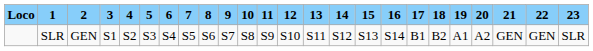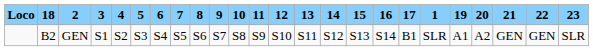 <table class="wikitable plainrowheaders unsortable" style="text-align:center">
 <tr>
 <th rowspan="1" scope="col" style="background:lightskyblue;">Loco</th>
-<th rowspan="1" scope="col" style="background:lightskyblue;">1</th>
+<th rowspan="1" scope="col" style="background:lightskyblue;">18</th>
 <th rowspan="1" scope="col" style="background:lightskyblue;">2</th>
 <th rowspan="1" scope="col" style="background:lightskyblue;">3</th>
 <th rowspan="1" scope="col" style="background:lightskyblue;">4</th>
 <th rowspan="1" scope="col" style="background:lightskyblue;">5</th>
 <th rowspan="1" scope="col" style="background:lightskyblue;">6</th>
 <th rowspan="1" scope="col" style="background:lightskyblue;">7</th>
 <th rowspan="1" scope="col" style="background:lightskyblue;">8</th>
 <th rowspan="1" scope="col" style="background:lightskyblue;">9</th>
 <th rowspan="1" scope="col" style="background:lightskyblue;">10</th>
 <th rowspan="1" scope="col" style="background:lightskyblue;">11</th>
 <th rowspan="1" scope="col" style="background:lightskyblue;">12</th>
 <th rowspan="1" scope="col" style="background:lightskyblue;">13</th>
 <th rowspan="1" scope="col" style="background:lightskyblue;">14</th>
 <th rowspan="1" scope="col" style="background:lightskyblue;">15</th>
 <th rowspan="1" scope="col" style="background:lightskyblue;">16</th>
 <th rowspan="1" scope="col" style="background:lightskyblue;">17</th>
-<th rowspan="1" scope="col" style="background:lightskyblue;">18</th>
+<th rowspan="1" scope="col" style="background:lightskyblue;">1</th>
 <th rowspan="1" scope="col" style="background:lightskyblue;">19</th>
 <th rowspan="1" scope="col" style="background:lightskyblue;">20</th>
 <th rowspan="1" scope="col" style="background:lightskyblue;">21</th>
 <th rowspan="1" scope="col" style="background:lightskyblue;">22</th>
 <th rowspan="1" scope="col" style="background:lightskyblue;">23</th>
 </tr>
 <tr>
 <td></td>
-<td>SLR</td>
+<td>B2</td>
 <td>GEN</td>
 <td>S1</td>
 <td>S2</td>
 <td>S3</td>
 <td>S4</td>
 <td>S5</td>
 <td>S6</td>
 <td>S7</td>
 <td>S8</td>
 <td>S9</td>
 <td>S10</td>
 <td>S11</td>
 <td>S12</td>
 <td>S13</td>
 <td>S14</td>
 <td>B1</td>
-<td>B2</td>
+<td>SLR</td>
 <td>A1</td>
 <td>A2</td>
 <td>GEN</td>
 <td>GEN</td>
 <td>SLR</td>
 </tr>
 </table>
